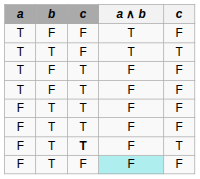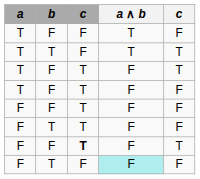 <table class="wikitable" style="margin:1em auto; text-align:center;">
 <tr>
 <th style="width:35px; background:#aaa;"><em>a</em></th>
 <th style="width:35px; background:#aaa;"><em>b</em></th>
 <th style="width:35px; background:#aaa;"><em>c</em></th>
 <th style="width:80px;"><em>a</em> ∧ <em>b</em></th>
 <th style="width:35px"><em>c</em></th>
 </tr>
 <tr>
 <td>T</td>
 <td>F</td>
 <td>F</td>
 <td>T</td>
 <td>F</td>
 </tr>
 <tr>
 <td>T</td>
 <td>T</td>
 <td>F</td>
 <td>T</td>
 <td>T</td>
 </tr>
 <tr>
 <td>T</td>
 <td>F</td>
 <td>T</td>
 <td>F</td>
+<td>T</td>
+</tr>
+<tr>
+<td>T</td>
+<td>F</td>
+<td>T</td>
+<td>F</td>
 <td>F</td>
 </tr>
 <tr>
-<td>T</td>
+<td>F</td>
 <td>F</td>
 <td>T</td>
 <td>F</td>
 <td>F</td>
 </tr>
 <tr>
 <td>F</td>
 <td>T</td>
 <td>T</td>
 <td>F</td>
 <td>F</td>
 </tr>
 <tr>
 <td>F</td>
-<td>T</td>
-<td>T</td>
 <td>F</td>
-<td>F</td>
-</tr>
-<tr>
-<td>F</td>
-<td>T</td>
 <td><strong>T</strong></td>
 <td>F</td>
 <td>T</td>
 </tr>
 <tr>
 <td>F</td>
 <td>T</td>
 <td>F</td>
 <td style="background: paleturquoise;">F</td>
 <td>F</td>
 </tr>
 </table>
